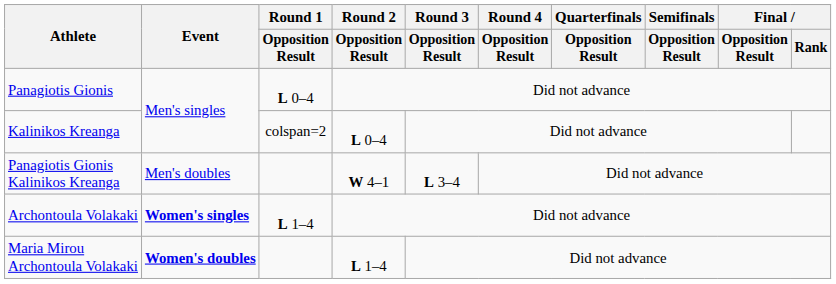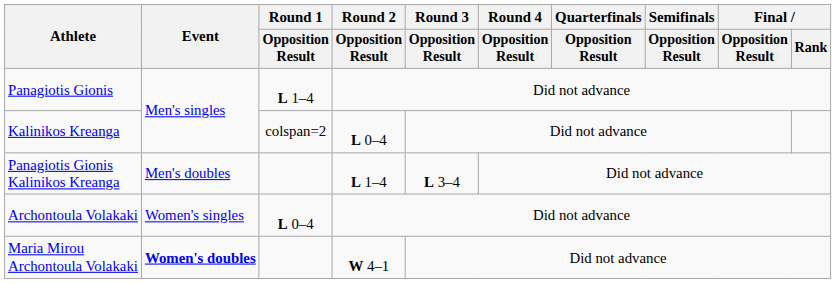 <table class="wikitable" style="font-size:90%">
 <tr>
 <th rowspan="2">Athlete</th>
 <th rowspan="2">Event</th>
 <th>Round 1</th>
 <th>Round 2</th>
 <th>Round 3</th>
 <th>Round 4</th>
 <th>Quarterfinals</th>
 <th>Semifinals</th>
 <th colspan=2>Final / </th>
 </tr>
 <tr style="font-size:95%">
 <th>Opposition<br>Result</th>
 <th>Opposition<br>Result</th>
 <th>Opposition<br>Result</th>
 <th>Opposition<br>Result</th>
 <th>Opposition<br>Result</th>
 <th>Opposition<br>Result</th>
 <th>Opposition<br>Result</th>
 <th>Rank</th>
 </tr>
 <tr align=center>
 <td align=left><a href='#'>Panagiotis Gionis</a></td>
 <td align=left rowspan=2><a href='#'>Men's singles</a></td>
-<td><br><strong>L</strong> 0–4</td>
+<td><br><strong>L</strong> 1–4</td>
 <td colspan=7>Did not advance</td>
 </tr>
 <tr align=center>
 <td align=left><a href='#'>Kalinikos Kreanga</a></td>
 <td>colspan=2 </td>
 <td><br> <strong>L</strong> 0–4</td>
 <td colspan=5>Did not advance</td>
 </tr>
 <tr align=center>
 <td align=left><a href='#'>Panagiotis Gionis</a><br><a href='#'>Kalinikos Kreanga</a></td>
 <td align=left><a href='#'>Men's doubles</a></td>
 <td></td>
-<td><br><strong>W</strong> 4–1</td>
+<td><br><strong>L</strong> 1–4</td>
 <td><br><strong>L</strong> 3–4</td>
 <td colspan=5>Did not advance</td>
 </tr>
 <tr align=center>
 <td align=left><a href='#'>Archontoula Volakaki</a></td>
-<td align=left><strong><a href='#'>Women's singles</a></strong></td>
-<td><br><strong>L</strong> 1–4</td>
+<td align=left><a href='#'>Women's singles</a></td>
+<td><br><strong>L</strong> 0–4</td>
 <td colspan=7>Did not advance</td>
 </tr>
 <tr align=center>
 <td align=left><a href='#'>Maria Mirou</a><br><a href='#'>Archontoula Volakaki</a></td>
 <td align=left><strong><a href='#'>Women's doubles</a></strong></td>
 <td></td>
-<td><br><strong>L</strong> 1–4</td>
+<td><br><strong>W</strong> 4–1</td>
 <td colspan=6>Did not advance</td>
 </tr>
 </table>
